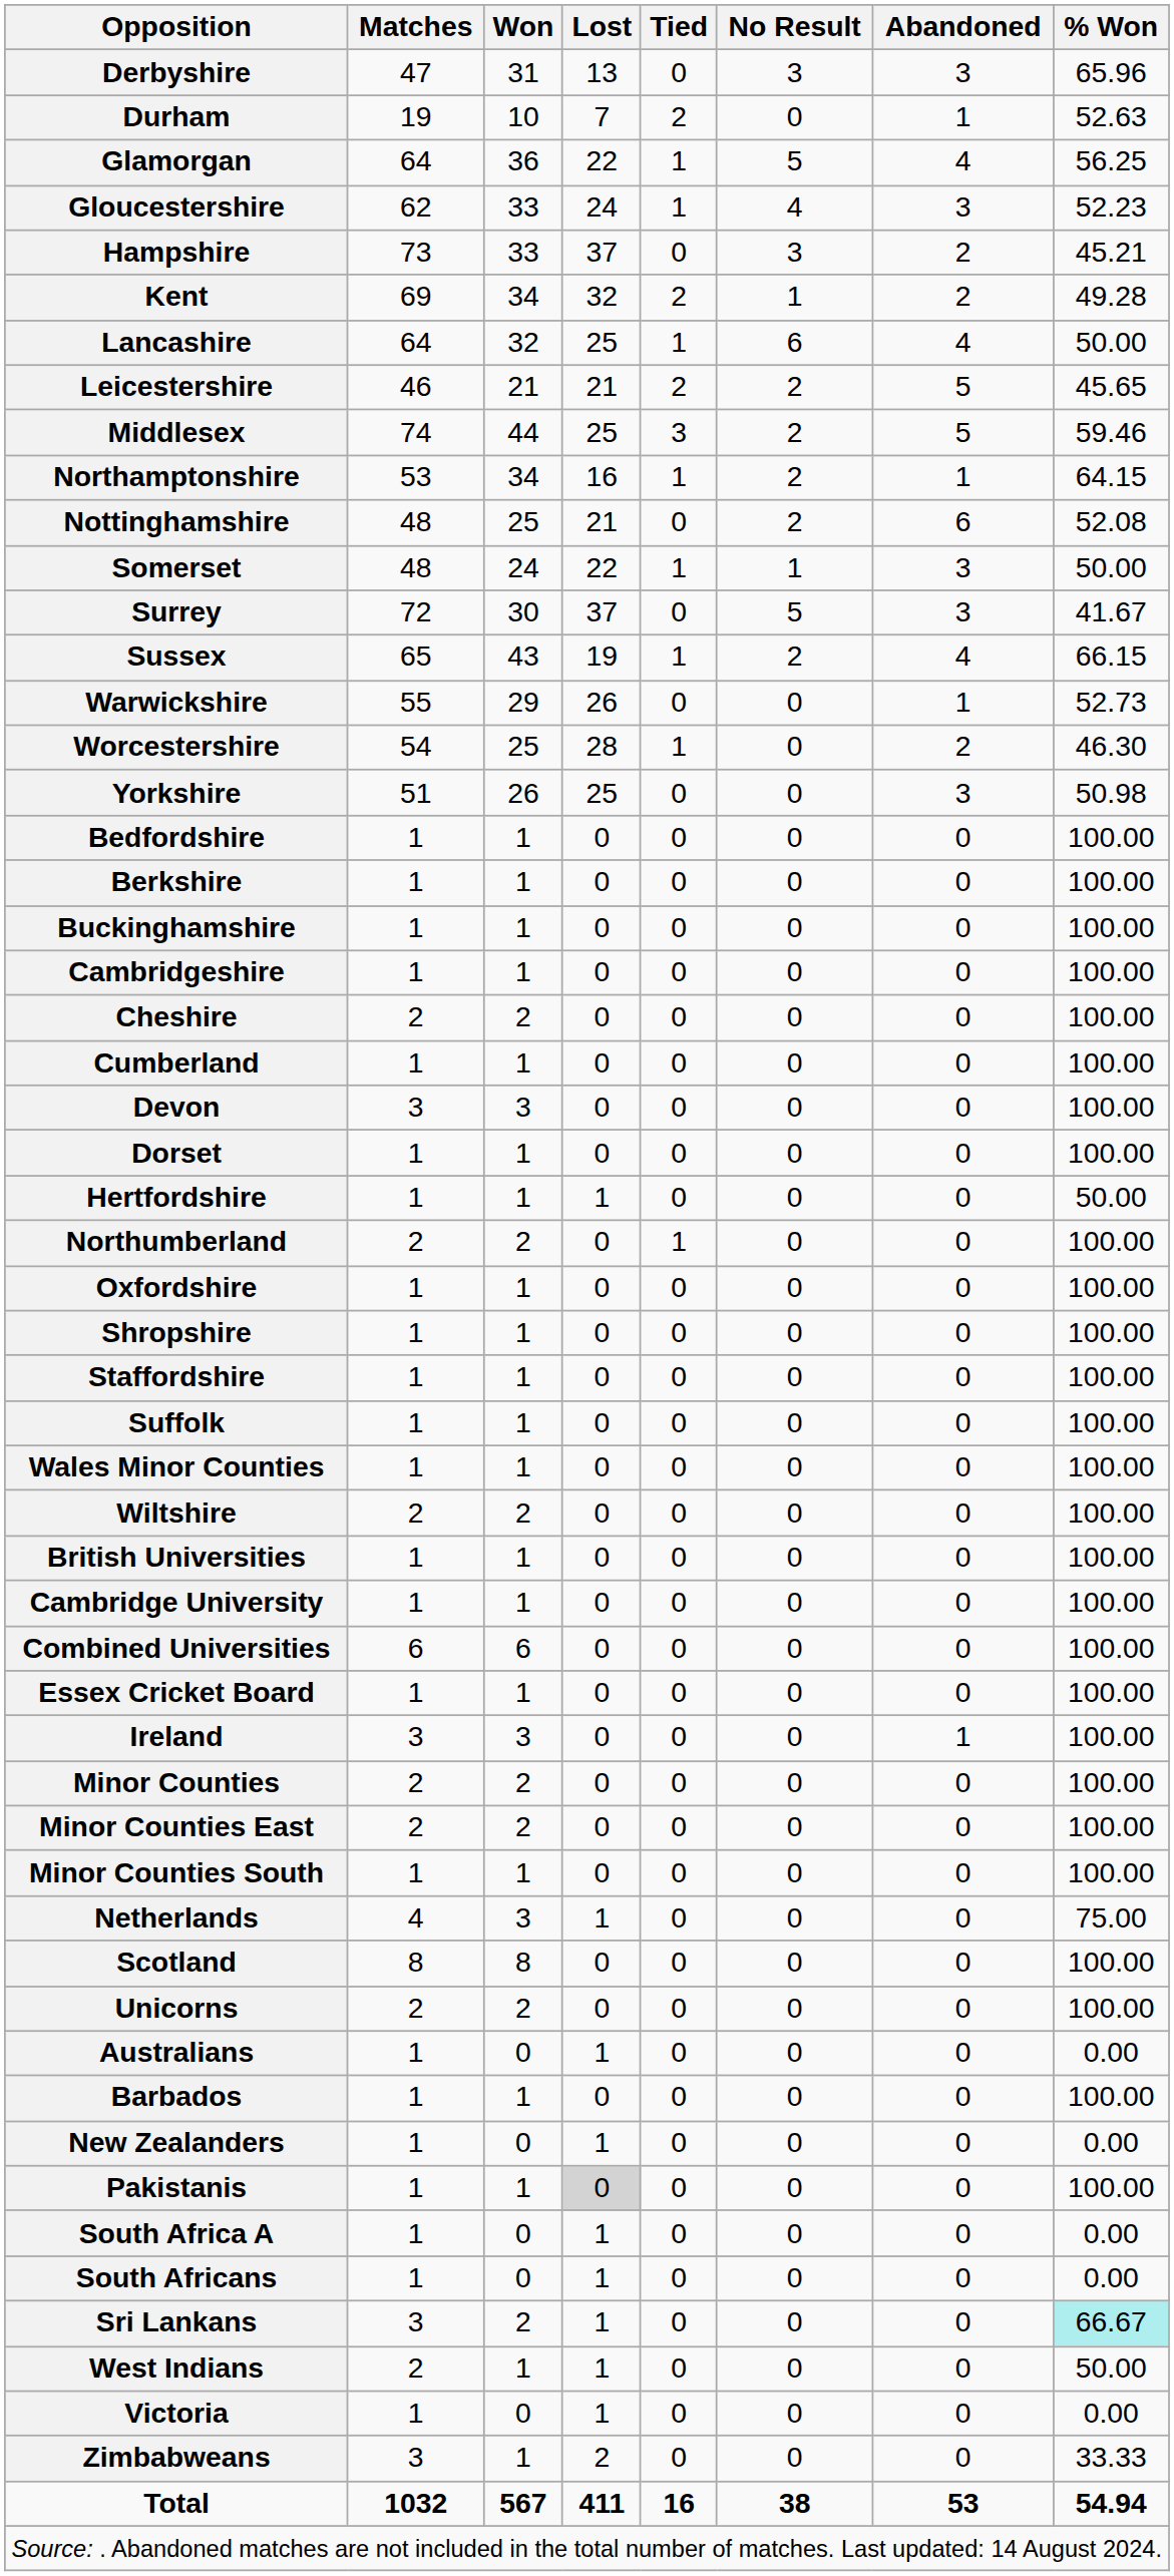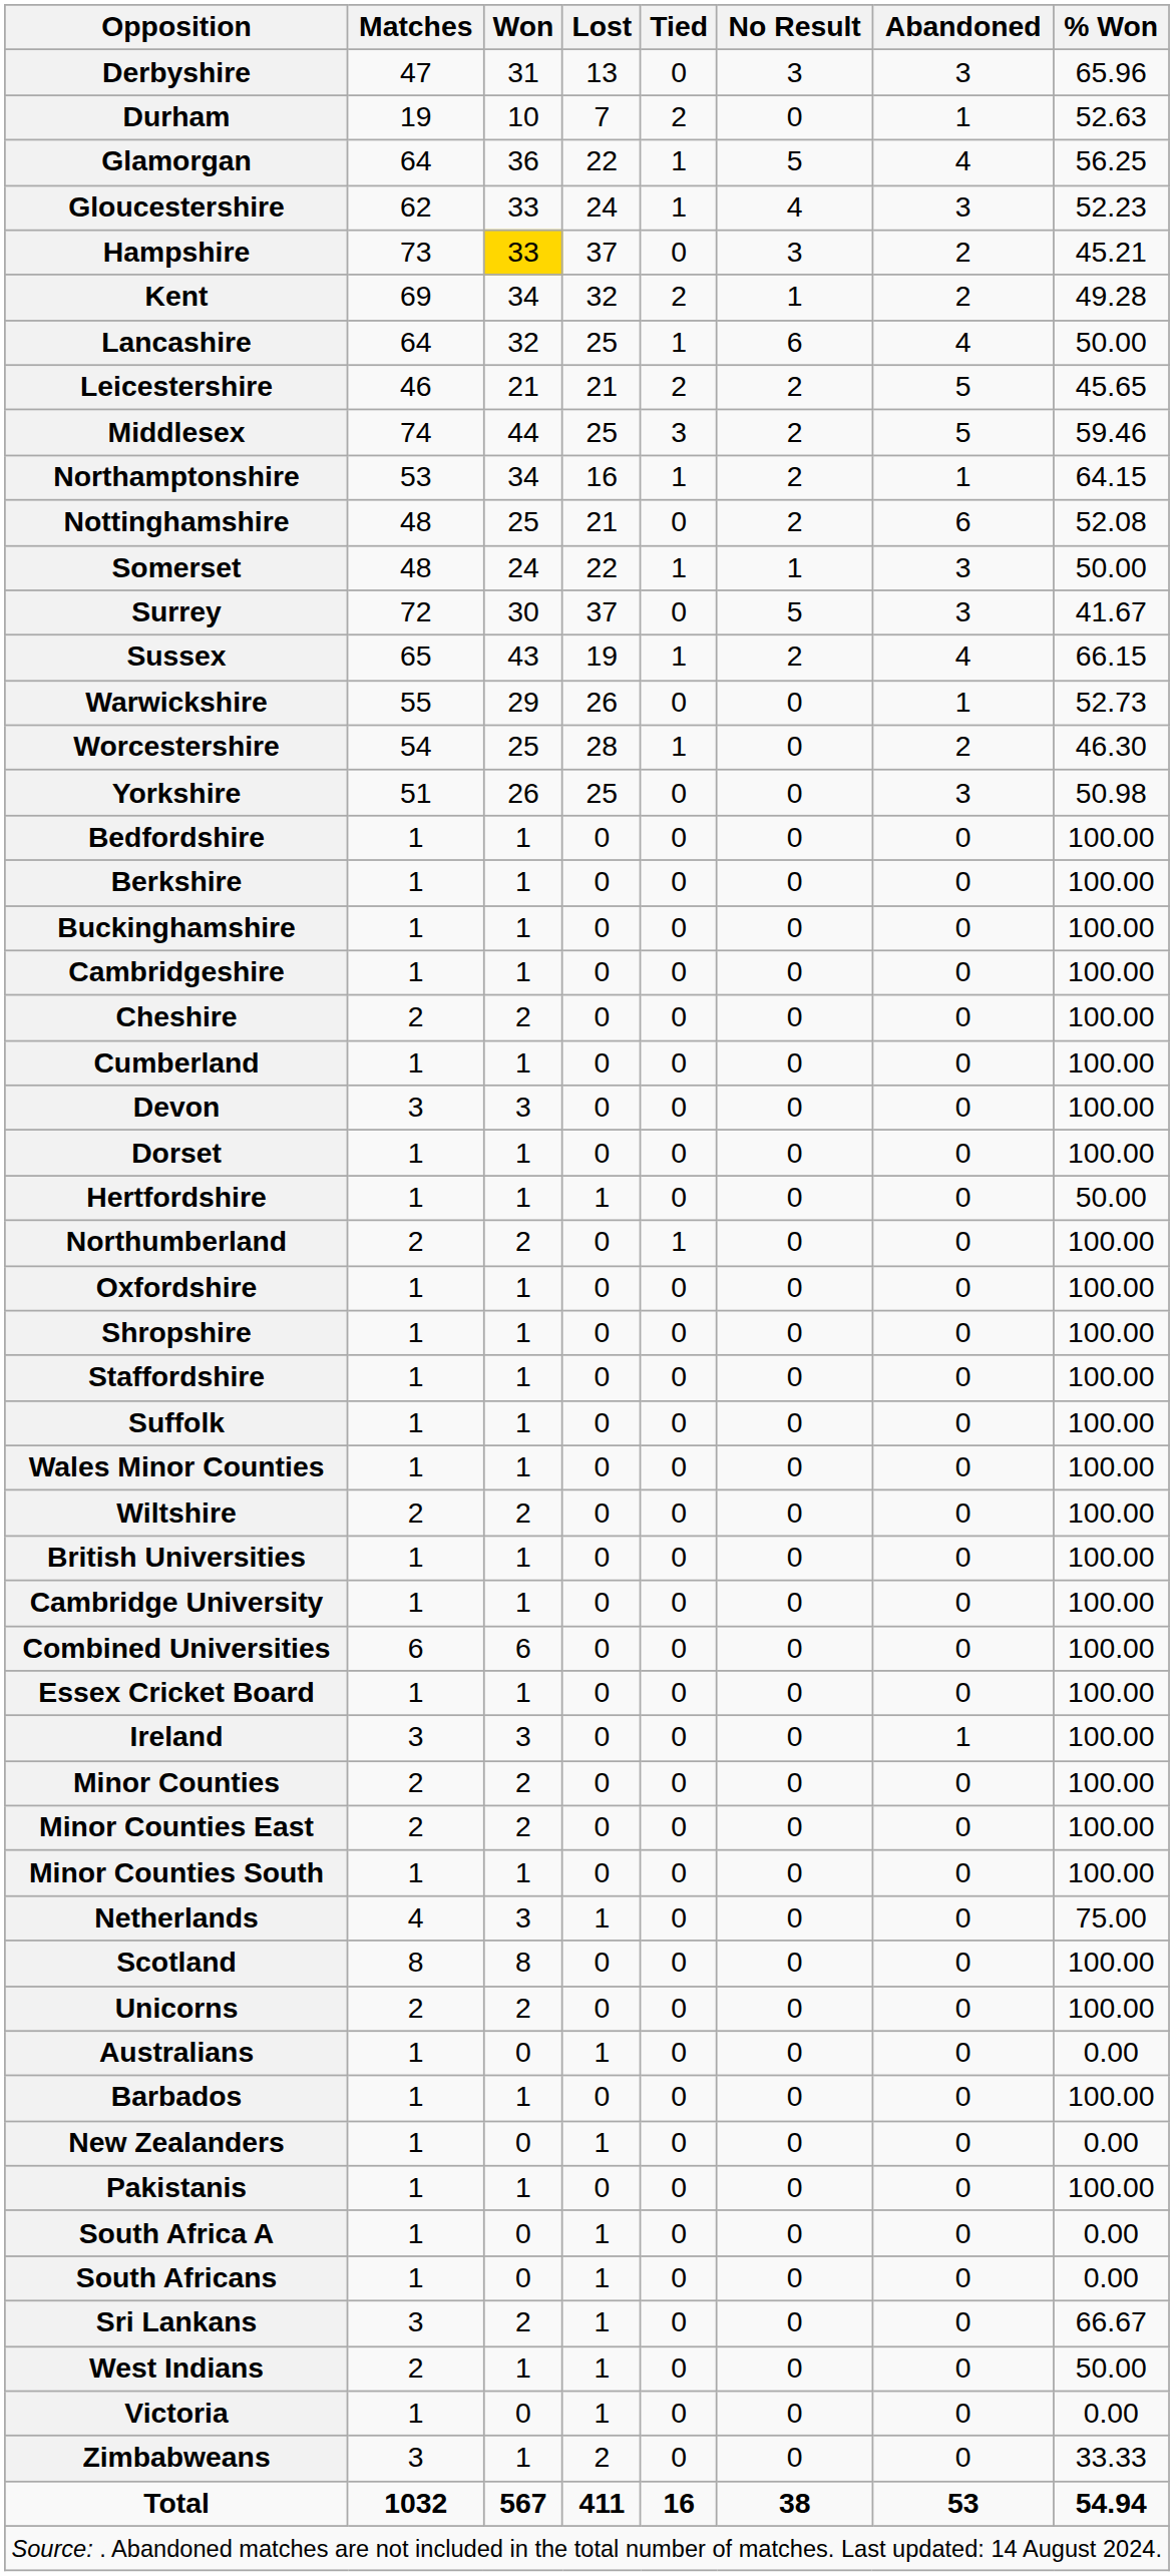 <table class="wikitable plainrowheaders sortable">
 <tr>
 <th scope=col>Opposition</th>
 <th scope=col>Matches</th>
 <th scope=col>Won</th>
 <th scope=col>Lost</th>
 <th scope=col>Tied</th>
 <th scope=col>No Result</th>
 <th scope=col>Abandoned</th>
 <th scope=col>% Won</th>
 </tr>
 <tr align=center>
 <th scope=row>Derbyshire</th>
 <td>47</td>
 <td>31</td>
 <td>13</td>
 <td>0</td>
 <td>3</td>
 <td>3</td>
 <td>65.96</td>
 </tr>
 <tr align=center>
 <th scope=row>Durham</th>
 <td>19</td>
 <td>10</td>
 <td>7</td>
 <td>2</td>
 <td>0</td>
 <td>1</td>
 <td>52.63</td>
 </tr>
 <tr align=center>
 <th scope=row>Glamorgan</th>
 <td>64</td>
 <td>36</td>
 <td>22</td>
 <td>1</td>
 <td>5</td>
 <td>4</td>
 <td>56.25</td>
 </tr>
 <tr align=center>
 <th scope=row>Gloucestershire</th>
 <td>62</td>
 <td>33</td>
 <td>24</td>
 <td>1</td>
 <td>4</td>
 <td>3</td>
 <td>52.23</td>
 </tr>
 <tr align=center>
 <th scope=row>Hampshire</th>
 <td>73</td>
-<td>33</td>
+<td style="background: gold;">33</td>
 <td>37</td>
 <td>0</td>
 <td>3</td>
 <td>2</td>
 <td>45.21</td>
 </tr>
 <tr align=center>
 <th scope=row>Kent</th>
 <td>69</td>
 <td>34</td>
 <td>32</td>
 <td>2</td>
 <td>1</td>
 <td>2</td>
 <td>49.28</td>
 </tr>
 <tr align=center>
 <th scope=row>Lancashire</th>
 <td>64</td>
 <td>32</td>
 <td>25</td>
 <td>1</td>
 <td>6</td>
 <td>4</td>
 <td>50.00</td>
 </tr>
 <tr align=center>
 <th scope=row>Leicestershire</th>
 <td>46</td>
 <td>21</td>
 <td>21</td>
 <td>2</td>
 <td>2</td>
 <td>5</td>
 <td>45.65</td>
 </tr>
 <tr align=center>
 <th scope=row>Middlesex</th>
 <td>74</td>
 <td>44</td>
 <td>25</td>
 <td>3</td>
 <td>2</td>
 <td>5</td>
 <td>59.46</td>
 </tr>
 <tr align=center>
 <th scope=row>Northamptonshire</th>
 <td>53</td>
 <td>34</td>
 <td>16</td>
 <td>1</td>
 <td>2</td>
 <td>1</td>
 <td>64.15</td>
 </tr>
 <tr align=center>
 <th scope=row>Nottinghamshire</th>
 <td>48</td>
 <td>25</td>
 <td>21</td>
 <td>0</td>
 <td>2</td>
 <td>6</td>
 <td>52.08</td>
 </tr>
 <tr align=center>
 <th scope=row>Somerset</th>
 <td>48</td>
 <td>24</td>
 <td>22</td>
 <td>1</td>
 <td>1</td>
 <td>3</td>
 <td>50.00</td>
 </tr>
 <tr align=center>
 <th scope=row>Surrey</th>
 <td>72</td>
 <td>30</td>
 <td>37</td>
 <td>0</td>
 <td>5</td>
 <td>3</td>
 <td>41.67</td>
 </tr>
 <tr align=center>
 <th scope=row>Sussex</th>
 <td>65</td>
 <td>43</td>
 <td>19</td>
 <td>1</td>
 <td>2</td>
 <td>4</td>
 <td>66.15</td>
 </tr>
 <tr align=center>
 <th scope=row>Warwickshire</th>
 <td>55</td>
 <td>29</td>
 <td>26</td>
 <td>0</td>
 <td>0</td>
 <td>1</td>
 <td>52.73</td>
 </tr>
 <tr align=center>
 <th scope=row>Worcestershire</th>
 <td>54</td>
 <td>25</td>
 <td>28</td>
 <td>1</td>
 <td>0</td>
 <td>2</td>
 <td>46.30</td>
 </tr>
 <tr align=center>
 <th scope=row>Yorkshire</th>
 <td>51</td>
 <td>26</td>
 <td>25</td>
 <td>0</td>
 <td>0</td>
 <td>3</td>
 <td>50.98</td>
 </tr>
 <tr align=center>
 <th scope=row>Bedfordshire</th>
 <td>1</td>
 <td>1</td>
 <td>0</td>
 <td>0</td>
 <td>0</td>
 <td>0</td>
 <td>100.00</td>
 </tr>
 <tr align=center>
 <th scope=row>Berkshire</th>
 <td>1</td>
 <td>1</td>
 <td>0</td>
 <td>0</td>
 <td>0</td>
 <td>0</td>
 <td>100.00</td>
 </tr>
 <tr align=center>
 <th scope=row>Buckinghamshire</th>
 <td>1</td>
 <td>1</td>
 <td>0</td>
 <td>0</td>
 <td>0</td>
 <td>0</td>
 <td>100.00</td>
 </tr>
 <tr align=center>
 <th scope=row>Cambridgeshire</th>
 <td>1</td>
 <td>1</td>
 <td>0</td>
 <td>0</td>
 <td>0</td>
 <td>0</td>
 <td>100.00</td>
 </tr>
 <tr align=center>
 <th scope=row>Cheshire</th>
 <td>2</td>
 <td>2</td>
 <td>0</td>
 <td>0</td>
 <td>0</td>
 <td>0</td>
 <td>100.00</td>
 </tr>
 <tr align=center>
 <th scope=row>Cumberland</th>
 <td>1</td>
 <td>1</td>
 <td>0</td>
 <td>0</td>
 <td>0</td>
 <td>0</td>
 <td>100.00</td>
 </tr>
 <tr align=center>
 <th scope=row>Devon</th>
 <td>3</td>
 <td>3</td>
 <td>0</td>
 <td>0</td>
 <td>0</td>
 <td>0</td>
 <td>100.00</td>
 </tr>
 <tr align=center>
 <th scope=row>Dorset</th>
 <td>1</td>
 <td>1</td>
 <td>0</td>
 <td>0</td>
 <td>0</td>
 <td>0</td>
 <td>100.00</td>
 </tr>
 <tr align=center>
 <th scope=row>Hertfordshire</th>
 <td>1</td>
 <td>1</td>
 <td>1</td>
 <td>0</td>
 <td>0</td>
 <td>0</td>
 <td>50.00</td>
 </tr>
 <tr align=center>
 <th scope=row>Northumberland</th>
 <td>2</td>
 <td>2</td>
 <td>0</td>
 <td>1</td>
 <td>0</td>
 <td>0</td>
 <td>100.00</td>
 </tr>
 <tr align=center>
 <th scope=row>Oxfordshire</th>
 <td>1</td>
 <td>1</td>
 <td>0</td>
 <td>0</td>
 <td>0</td>
 <td>0</td>
 <td>100.00</td>
 </tr>
 <tr align=center>
 <th scope=row>Shropshire</th>
 <td>1</td>
 <td>1</td>
 <td>0</td>
 <td>0</td>
 <td>0</td>
 <td>0</td>
 <td>100.00</td>
 </tr>
 <tr align=center>
 <th scope=row>Staffordshire</th>
 <td>1</td>
 <td>1</td>
 <td>0</td>
 <td>0</td>
 <td>0</td>
 <td>0</td>
 <td>100.00</td>
 </tr>
 <tr align=center>
 <th scope=row>Suffolk</th>
 <td>1</td>
 <td>1</td>
 <td>0</td>
 <td>0</td>
 <td>0</td>
 <td>0</td>
 <td>100.00</td>
 </tr>
 <tr align=center>
 <th scope=row>Wales Minor Counties</th>
 <td>1</td>
 <td>1</td>
 <td>0</td>
 <td>0</td>
 <td>0</td>
 <td>0</td>
 <td>100.00</td>
 </tr>
 <tr align=center>
 <th scope=row>Wiltshire</th>
 <td>2</td>
 <td>2</td>
 <td>0</td>
 <td>0</td>
 <td>0</td>
 <td>0</td>
 <td>100.00</td>
 </tr>
 <tr align=center>
 <th scope=row>British Universities</th>
 <td>1</td>
 <td>1</td>
 <td>0</td>
 <td>0</td>
 <td>0</td>
 <td>0</td>
 <td>100.00</td>
 </tr>
 <tr align=center>
 <th scope=row>Cambridge University</th>
 <td>1</td>
 <td>1</td>
 <td>0</td>
 <td>0</td>
 <td>0</td>
 <td>0</td>
 <td>100.00</td>
 </tr>
 <tr align=center>
 <th scope=row>Combined Universities</th>
 <td>6</td>
 <td>6</td>
 <td>0</td>
 <td>0</td>
 <td>0</td>
 <td>0</td>
 <td>100.00</td>
 </tr>
 <tr align=center>
 <th scope=row>Essex Cricket Board</th>
 <td>1</td>
 <td>1</td>
 <td>0</td>
 <td>0</td>
 <td>0</td>
 <td>0</td>
 <td>100.00</td>
 </tr>
 <tr align=center>
 <th scope=row>Ireland</th>
 <td>3</td>
 <td>3</td>
 <td>0</td>
 <td>0</td>
 <td>0</td>
 <td>1</td>
 <td>100.00</td>
 </tr>
 <tr align=center>
 <th scope=row>Minor Counties</th>
 <td>2</td>
 <td>2</td>
 <td>0</td>
 <td>0</td>
 <td>0</td>
 <td>0</td>
 <td>100.00</td>
 </tr>
 <tr align=center>
 <th scope=row>Minor Counties East</th>
 <td>2</td>
 <td>2</td>
 <td>0</td>
 <td>0</td>
 <td>0</td>
 <td>0</td>
 <td>100.00</td>
 </tr>
 <tr align=center>
 <th scope=row>Minor Counties South</th>
 <td>1</td>
 <td>1</td>
 <td>0</td>
 <td>0</td>
 <td>0</td>
 <td>0</td>
 <td>100.00</td>
 </tr>
 <tr align=center>
 <th scope=row>Netherlands</th>
 <td>4</td>
 <td>3</td>
 <td>1</td>
 <td>0</td>
 <td>0</td>
 <td>0</td>
 <td>75.00</td>
 </tr>
 <tr align=center>
 <th scope=row>Scotland</th>
 <td>8</td>
 <td>8</td>
 <td>0</td>
 <td>0</td>
 <td>0</td>
 <td>0</td>
 <td>100.00</td>
 </tr>
 <tr align=center>
 <th scope=row>Unicorns</th>
 <td>2</td>
 <td>2</td>
 <td>0</td>
 <td>0</td>
 <td>0</td>
 <td>0</td>
 <td>100.00</td>
 </tr>
 <tr align=center>
 <th scope=row>Australians</th>
 <td>1</td>
 <td>0</td>
 <td>1</td>
 <td>0</td>
 <td>0</td>
 <td>0</td>
 <td>0.00</td>
 </tr>
 <tr align=center>
 <th scope=row>Barbados</th>
 <td>1</td>
 <td>1</td>
 <td>0</td>
 <td>0</td>
 <td>0</td>
 <td>0</td>
 <td>100.00</td>
 </tr>
 <tr align=center>
 <th scope=row>New Zealanders</th>
 <td>1</td>
 <td>0</td>
 <td>1</td>
 <td>0</td>
 <td>0</td>
 <td>0</td>
 <td>0.00</td>
 </tr>
 <tr align=center>
 <th scope=row>Pakistanis</th>
 <td>1</td>
 <td>1</td>
-<td style="background: lightgrey;">0</td>
+<td>0</td>
 <td>0</td>
 <td>0</td>
 <td>0</td>
 <td>100.00</td>
 </tr>
 <tr align=center>
 <th scope=row>South Africa A</th>
 <td>1</td>
 <td>0</td>
 <td>1</td>
 <td>0</td>
 <td>0</td>
 <td>0</td>
 <td>0.00</td>
 </tr>
 <tr align=center>
 <th scope=row>South Africans</th>
 <td>1</td>
 <td>0</td>
 <td>1</td>
 <td>0</td>
 <td>0</td>
 <td>0</td>
 <td>0.00</td>
 </tr>
 <tr align=center>
 <th scope=row>Sri Lankans</th>
 <td>3</td>
 <td>2</td>
 <td>1</td>
 <td>0</td>
 <td>0</td>
 <td>0</td>
-<td style="background: paleturquoise;">66.67</td>
+<td>66.67</td>
 </tr>
 <tr align=center>
 <th scope=row>West Indians</th>
 <td>2</td>
 <td>1</td>
 <td>1</td>
 <td>0</td>
 <td>0</td>
 <td>0</td>
 <td>50.00</td>
 </tr>
 <tr align=center>
 <th scope=row>Victoria</th>
 <td>1</td>
 <td>0</td>
 <td>1</td>
 <td>0</td>
 <td>0</td>
 <td>0</td>
 <td>0.00</td>
 </tr>
 <tr align=center>
 <th scope=row>Zimbabweans</th>
 <td>3</td>
 <td>1</td>
 <td>2</td>
 <td>0</td>
 <td>0</td>
 <td>0</td>
 <td>33.33</td>
 </tr>
 <tr class=sortbottom align=center>
 <td colspan=1><strong>Total</strong></td>
 <td><strong>1032</strong></td>
 <td><strong>567</strong></td>
 <td><strong>411</strong></td>
 <td><strong>16</strong></td>
 <td><strong>38</strong></td>
 <td><strong>53</strong></td>
 <td><strong>54.94</strong></td>
 </tr>
 <tr class=sortbottom>
 <td colspan=8><small><em>Source: </em>. Abandoned matches are not included in the total number of matches.  Last updated: 14 August 2024.</small></td>
 </tr>
 </table>
